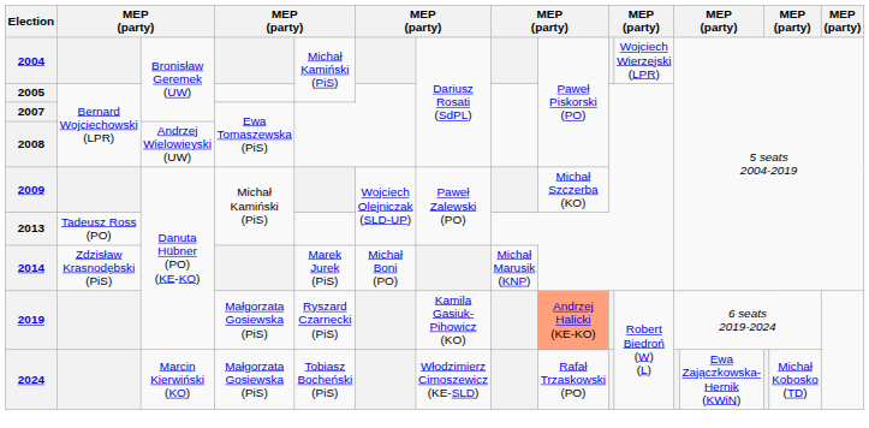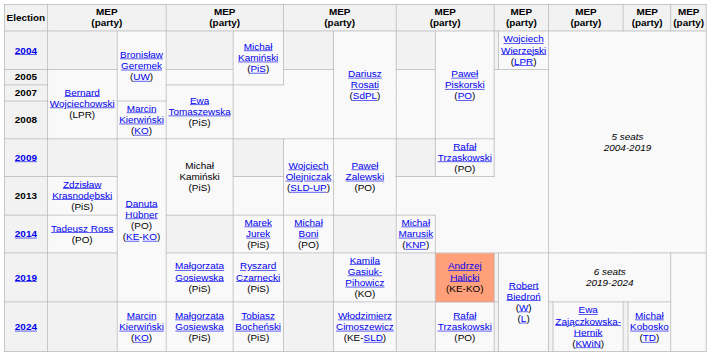 <table class= "wikitable" style= "text-align:center">
 <tr>
 <th>Election</th>
 <th colspan=2>MEP<br>(party)</th>
 <th colspan=2>MEP<br>(party)</th>
 <th colspan=2>MEP<br>(party)</th>
 <th colspan=2>MEP<br>(party)</th>
 <th colspan=2>MEP<br>(party)</th>
 <th colspan=2>MEP<br>(party)</th>
 <th colspan=2>MEP<br>(party)</th>
 <th colspan=2>MEP<br>(party)</th>
 </tr>
 <tr>
 <th><a href='#'>2004</a></th>
 <th style="background-color: "></th>
 <td rowspan=3><a href='#'>Bronisław Geremek</a><br>(<a href='#'>UW</a>)</td>
 <th style="background-color: "></th>
 <td rowspan=2><a href='#'>Michał Kamiński</a><br>(<a href='#'>PiS</a>)</td>
 <th style="background-color: "></th>
 <td rowspan=4><a href='#'>Dariusz Rosati</a><br>(<a href='#'>SdPL</a>)</td>
 <th style="background-color: "></th>
 <td rowspan=4><a href='#'>Paweł Piskorski</a><br>(<a href='#'>PO</a>)</td>
 <th style="background-color: "></th>
 <td rowspan=1><a href='#'>Wojciech Wierzejski</a><br>(<a href='#'>LPR</a>)</td>
 <td colspan=6 rowspan=7><em>5 seats<br>2004-2019</em></td>
 </tr>
 <tr>
 <th>2005</th>
 <td rowspan=3><a href='#'>Bernard Wojciechowski</a><br>(LPR)</td>
 </tr>
 <tr>
 <th>2007</th>
 <td rowspan=2><a href='#'>Ewa Tomaszewska</a><br>(PiS)</td>
 </tr>
 <tr>
 <th>2008</th>
-<td rowspan=1><a href='#'>Andrzej Wielowieyski</a><br>(UW)</td>
+<td rowspan=1><a href='#'>Marcin Kierwiński</a><br>(<a href='#'>KO</a>)</td>
 </tr>
 <tr>
 <th><a href='#'>2009</a></th>
 <th style="background-color: "></th>
 <td rowspan=4><a href='#'>Danuta Hübner</a><br>(PO)<br>(<a href='#'>KE</a>-<a href='#'>KO</a>)</td>
 <td rowspan=2>Michał Kamiński<br>(PiS)</td>
 <th style="background-color: "></th>
 <td rowspan=2><a href='#'>Wojciech Olejniczak</a><br>(<a href='#'>SLD-UP</a>)</td>
 <td rowspan=2><a href='#'>Paweł Zalewski</a><br>(PO)</td>
 <th style="background-color: "></th>
-<td rowspan=1><a href='#'>Michał Szczerba</a><br>(KO)</td>
+<td rowspan=1><a href='#'>Rafał Trzaskowski</a><br>(PO)</td>
 </tr>
 <tr>
 <th>2013</th>
-<td rowspan=1><a href='#'>Tadeusz Ross</a><br>(PO)</td>
+<td rowspan=1><a href='#'>Zdzisław Krasnodębski</a><br>(PiS)</td>
 </tr>
 <tr>
 <th><a href='#'>2014</a></th>
-<td rowspan=1><a href='#'>Zdzisław Krasnodębski</a><br>(PiS)</td>
+<td rowspan=1><a href='#'>Tadeusz Ross</a><br>(PO)</td>
 <th style="background-color: "></th>
 <td rowspan=1><a href='#'>Marek Jurek</a><br>(PiS)</td>
 <td rowspan=1><a href='#'>Michał Boni</a><br>(PO)</td>
 <th style="background-color: "></th>
 <td rowspan=1><a href='#'>Michał Marusik</a><br>(<a href='#'>KNP</a>)</td>
 </tr>
 <tr>
 <th><a href='#'>2019</a></th>
 <th style="background-color: "></th>
 <td rowspan=1><a href='#'>Małgorzata Gosiewska</a><br>(PiS)</td>
 <td rowspan=1><a href='#'>Ryszard Czarnecki</a><br>(PiS)</td>
 <th style="background-color: "></th>
 <td rowspan=1><a href='#'>Kamila Gasiuk-Pihowicz</a><br>(KO)</td>
 <th style="background-color: "></th>
 <td rowspan=1 style="background: lightsalmon;"><a href='#'>Andrzej Halicki</a><br>(KE-KO)</td>
 <th style="background-color: "></th>
 <td rowspan=2><a href='#'>Robert Biedroń</a><br>(<a href='#'>W</a>)<br>(<a href='#'>L</a>)</td>
 <td colspan=4 rowspan=1><em>6 seats<br>2019-2024</em></td>
 </tr>
 <tr>
 <th><a href='#'>2024</a></th>
 <th style="background-color: "></th>
 <td rowspan=1><a href='#'>Marcin Kierwiński</a><br>(<a href='#'>KO</a>)</td>
 <td rowspan=1><a href='#'>Małgorzata Gosiewska</a><br>(PiS)</td>
 <td rowspan=1><a href='#'>Tobiasz Bocheński</a><br>(PiS)</td>
 <th style="background-color: "></th>
 <td rowspan=1><a href='#'>Włodzimierz Cimoszewicz</a><br>(KE-<a href='#'>SLD</a>)</td>
 <th style="background-color: "></th>
 <td rowspan=1><a href='#'>Rafał Trzaskowski</a><br>(PO)</td>
 <th style="background-color: "></th>
 <th style="background-color: "></th>
 <td rowspan=1><a href='#'>Ewa Zajączkowska-Hernik</a><br>(<a href='#'>KWiN</a>)</td>
 <th style="background-color: "></th>
 <td rowspan=1><a href='#'>Michał Kobosko</a><br>(<a href='#'>TD</a>)</td>
 </tr>
 </table>
